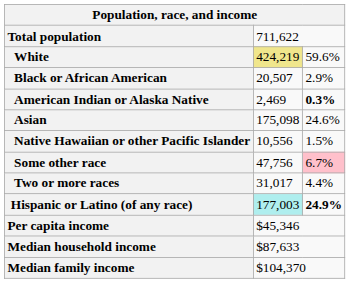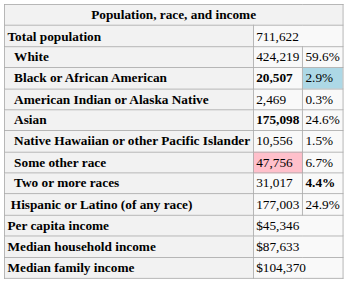 <table class="wikitable collapsible collapsed">
 <tr>
 <th colspan=6>Population, race, and income</th>
 </tr>
 <tr>
 <th scope="row" style="text-align: left;">Total population</th>
 <td colspan=2>711,622</td>
 </tr>
 <tr>
 <th scope="row" style="text-align: left;">  White</th>
-<td style="background: khaki;">424,219</td>
+<td>424,219</td>
 <td>59.6%</td>
 </tr>
 <tr>
 <th scope="row" style="text-align: left;">  Black or African American</th>
-<td>20,507</td>
-<td>2.9%</td>
+<td><strong>20,507</strong></td>
+<td style="background: lightblue;">2.9%</td>
 </tr>
 <tr>
 <th scope="row" style="text-align: left;">  American Indian or Alaska Native</th>
 <td>2,469</td>
-<td><strong>0.3%</strong></td>
+<td>0.3%</td>
 </tr>
 <tr>
 <th scope="row" style="text-align: left;">  Asian</th>
-<td>175,098</td>
+<td><strong>175,098</strong></td>
 <td>24.6%</td>
 </tr>
 <tr>
 <th scope="row" style="text-align: left;">  Native Hawaiian or other Pacific Islander</th>
 <td>10,556</td>
 <td>1.5%</td>
 </tr>
 <tr>
 <th scope="row" style="text-align: left;">  Some other race</th>
-<td>47,756</td>
-<td style="background: pink;">6.7%</td>
+<td style="background: pink;">47,756</td>
+<td>6.7%</td>
 </tr>
 <tr>
 <th scope="row" style="text-align: left;">  Two or more races</th>
 <td>31,017</td>
-<td>4.4%</td>
+<td><strong>4.4%</strong></td>
 </tr>
 <tr>
 <th scope="row" style="text-align: left;"> Hispanic or Latino (of any race)</th>
-<td style="background: paleturquoise;">177,003</td>
-<td><strong>24.9%</strong></td>
+<td>177,003</td>
+<td>24.9%</td>
 </tr>
 <tr>
 <th scope="row" style="text-align: left;">Per capita income</th>
 <td colspan=2>$45,346</td>
 </tr>
 <tr>
 <th scope="row" style="text-align: left;">Median household income</th>
 <td colspan=2>$87,633</td>
 </tr>
 <tr>
 <th scope="row" style="text-align: left;">Median family income</th>
 <td colspan=2>$104,370</td>
 </tr>
 </table>
